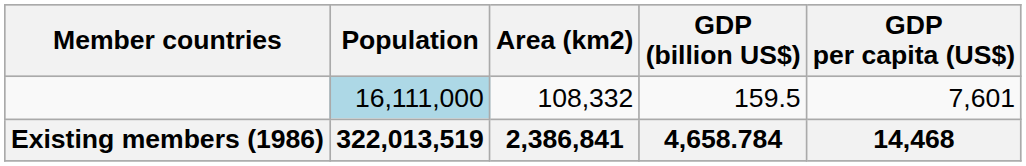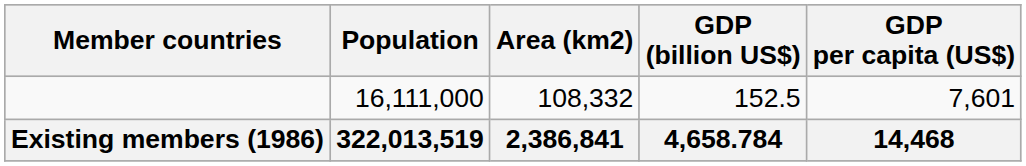 <table class="wikitable" style="text-align:right;">
 <tr>
 <th>Member countries</th>
 <th>Population</th>
 <th>Area (km2)</th>
 <th>GDP <br>(billion US$)</th>
 <th>GDP <br>per capita (US$)</th>
 </tr>
 <tr>
 <td style="text-align:left;"></td>
-<td style="background: lightblue;">16,111,000</td>
+<td>16,111,000</td>
 <td>108,332</td>
-<td>159.5</td>
+<td>152.5</td>
 <td>7,601</td>
 </tr>
 <tr>
 <th>Existing members (1986)</th>
 <th>322,013,519</th>
 <th>2,386,841</th>
 <th>4,658.784</th>
 <th>14,468</th>
 </tr>
 </table>
